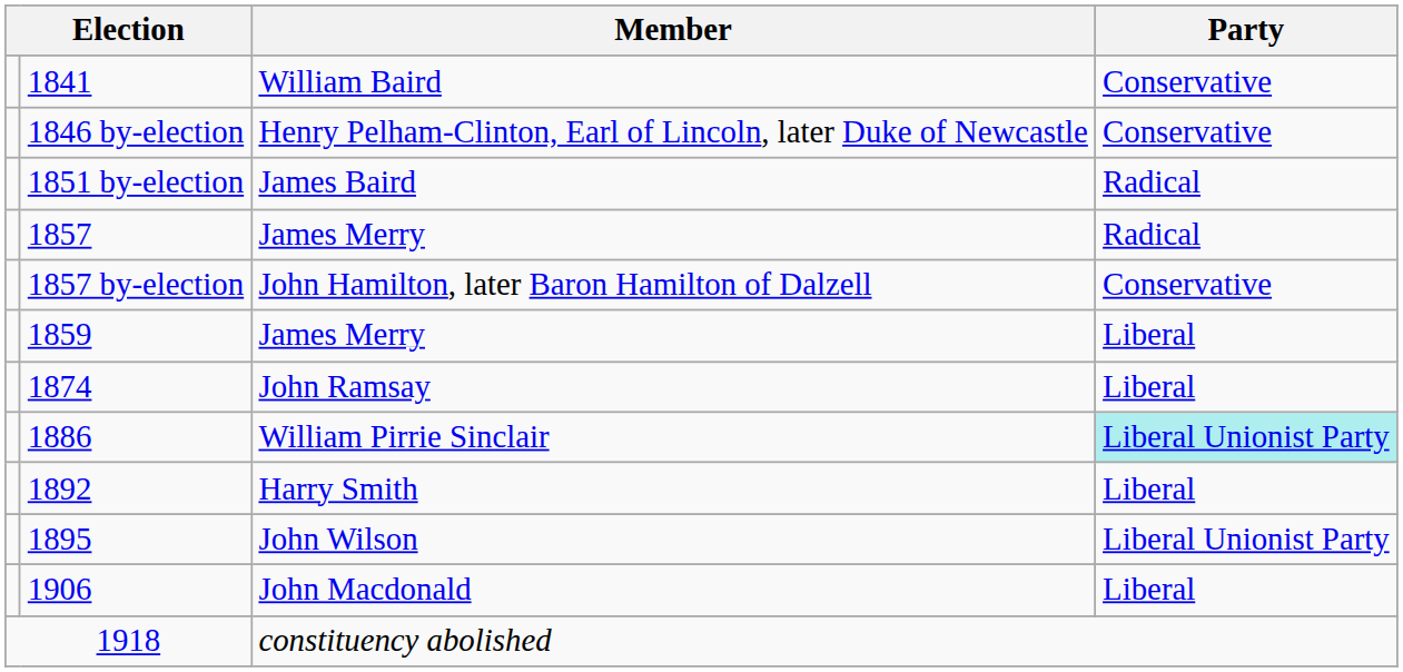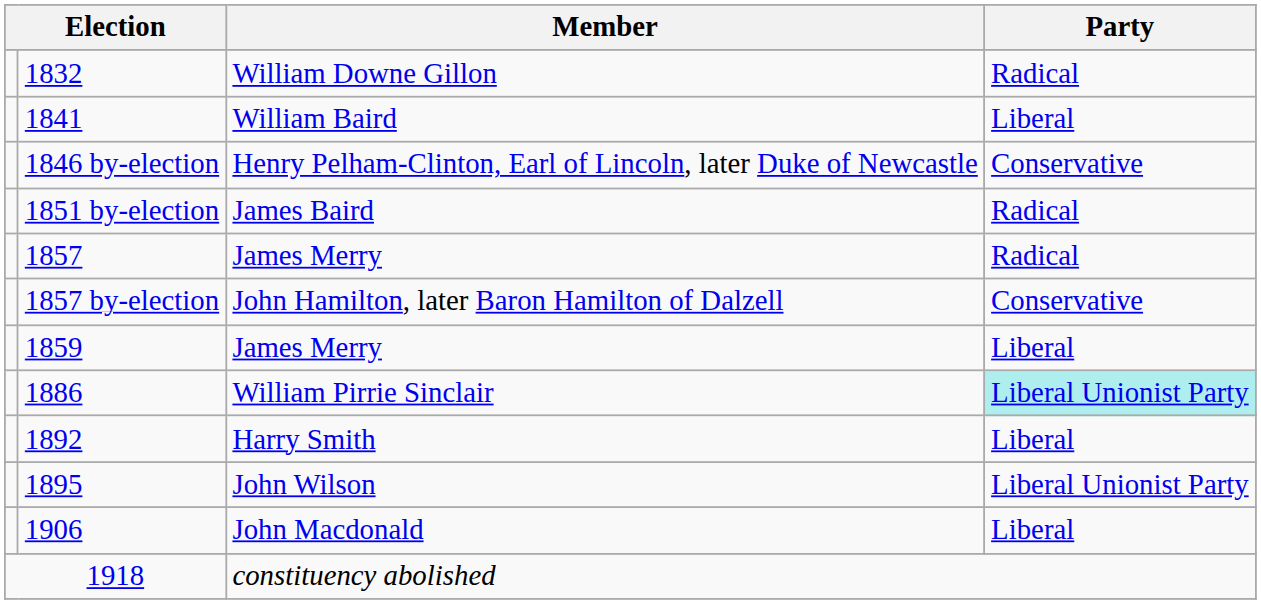 <table class="wikitable">
 <tr>
 <th colspan="2">Election</th>
 <th>Member </th>
 <th>Party</th>
 </tr>
 <tr>
 <td style="color:inherit;background-color: "></td>
+<td><a href='#'>1832</a></td>
+<td><a href='#'>William Downe Gillon</a></td>
+<td><a href='#'>Radical</a></td>
+</tr>
+<tr>
+<td style="color:inherit;background-color: "></td>
 <td><a href='#'>1841</a></td>
 <td><a href='#'>William Baird</a></td>
-<td><a href='#'>Conservative</a></td>
+<td><a href='#'>Liberal</a></td>
 </tr>
 <tr>
 <td style="color:inherit;background-color: "></td>
 <td><a href='#'>1846 by-election</a></td>
 <td><a href='#'>Henry Pelham-Clinton, Earl of Lincoln</a>, later <a href='#'>Duke of Newcastle</a></td>
 <td><a href='#'>Conservative</a></td>
 </tr>
 <tr>
 <td style="color:inherit;background-color: "></td>
 <td><a href='#'>1851 by-election</a></td>
 <td><a href='#'>James Baird</a></td>
 <td><a href='#'>Radical</a></td>
 </tr>
 <tr>
 <td style="color:inherit;background-color: "></td>
 <td><a href='#'>1857</a></td>
 <td><a href='#'>James Merry</a></td>
 <td><a href='#'>Radical</a></td>
 </tr>
 <tr>
 <td style="color:inherit;background-color: "></td>
 <td><a href='#'>1857 by-election</a></td>
 <td><a href='#'>John Hamilton</a>, later <a href='#'>Baron Hamilton of Dalzell</a></td>
 <td><a href='#'>Conservative</a></td>
 </tr>
 <tr>
 <td style="color:inherit;background-color: "></td>
 <td><a href='#'>1859</a></td>
 <td><a href='#'>James Merry</a></td>
 <td><a href='#'>Liberal</a></td>
 </tr>
 <tr>
 <td style="color:inherit;background-color: "></td>
-<td><a href='#'>1874</a></td>
-<td><a href='#'>John Ramsay</a></td>
-<td><a href='#'>Liberal</a></td>
-</tr>
-<tr>
-<td style="color:inherit;background-color: "></td>
 <td><a href='#'>1886</a></td>
 <td><a href='#'>William Pirrie Sinclair</a></td>
 <td style="background: paleturquoise;"><a href='#'>Liberal Unionist Party</a></td>
 </tr>
 <tr>
 <td style="color:inherit;background-color: "></td>
 <td><a href='#'>1892</a></td>
 <td><a href='#'>Harry Smith</a></td>
 <td><a href='#'>Liberal</a></td>
 </tr>
 <tr>
 <td style="color:inherit;background-color: "></td>
 <td><a href='#'>1895</a></td>
 <td><a href='#'>John Wilson</a></td>
 <td><a href='#'>Liberal Unionist Party</a></td>
 </tr>
 <tr>
 <td style="color:inherit;background-color: "></td>
 <td><a href='#'>1906</a></td>
 <td><a href='#'>John Macdonald</a></td>
 <td><a href='#'>Liberal</a></td>
 </tr>
 <tr>
 <td colspan="2" align="center"><a href='#'>1918</a></td>
 <td colspan="2"><em>constituency abolished</em></td>
 </tr>
 </table>
